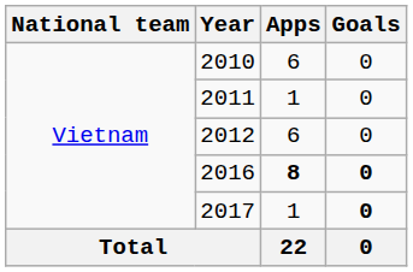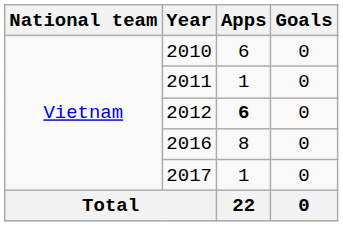 <table class=wikitable style=text-align:center>
 <tr>
 <th>National team</th>
 <th>Year</th>
 <th>Apps</th>
 <th>Goals</th>
 </tr>
 <tr>
 <td rowspan=5><a href='#'>Vietnam</a></td>
 <td>2010</td>
 <td>6</td>
 <td>0</td>
 </tr>
 <tr>
 <td>2011</td>
 <td>1</td>
 <td>0</td>
 </tr>
 <tr>
 <td>2012</td>
-<td>6</td>
+<td><strong>6</strong></td>
 <td>0</td>
 </tr>
 <tr>
 <td>2016</td>
-<td><strong>8</strong></td>
-<td><strong>0</strong></td>
+<td>8</td>
+<td>0</td>
 </tr>
 <tr>
 <td>2017</td>
 <td>1</td>
-<td><strong>0</strong></td>
+<td>0</td>
 </tr>
 <tr>
 <th colspan=2>Total</th>
 <th>22</th>
 <th>0</th>
 </tr>
 </table>
